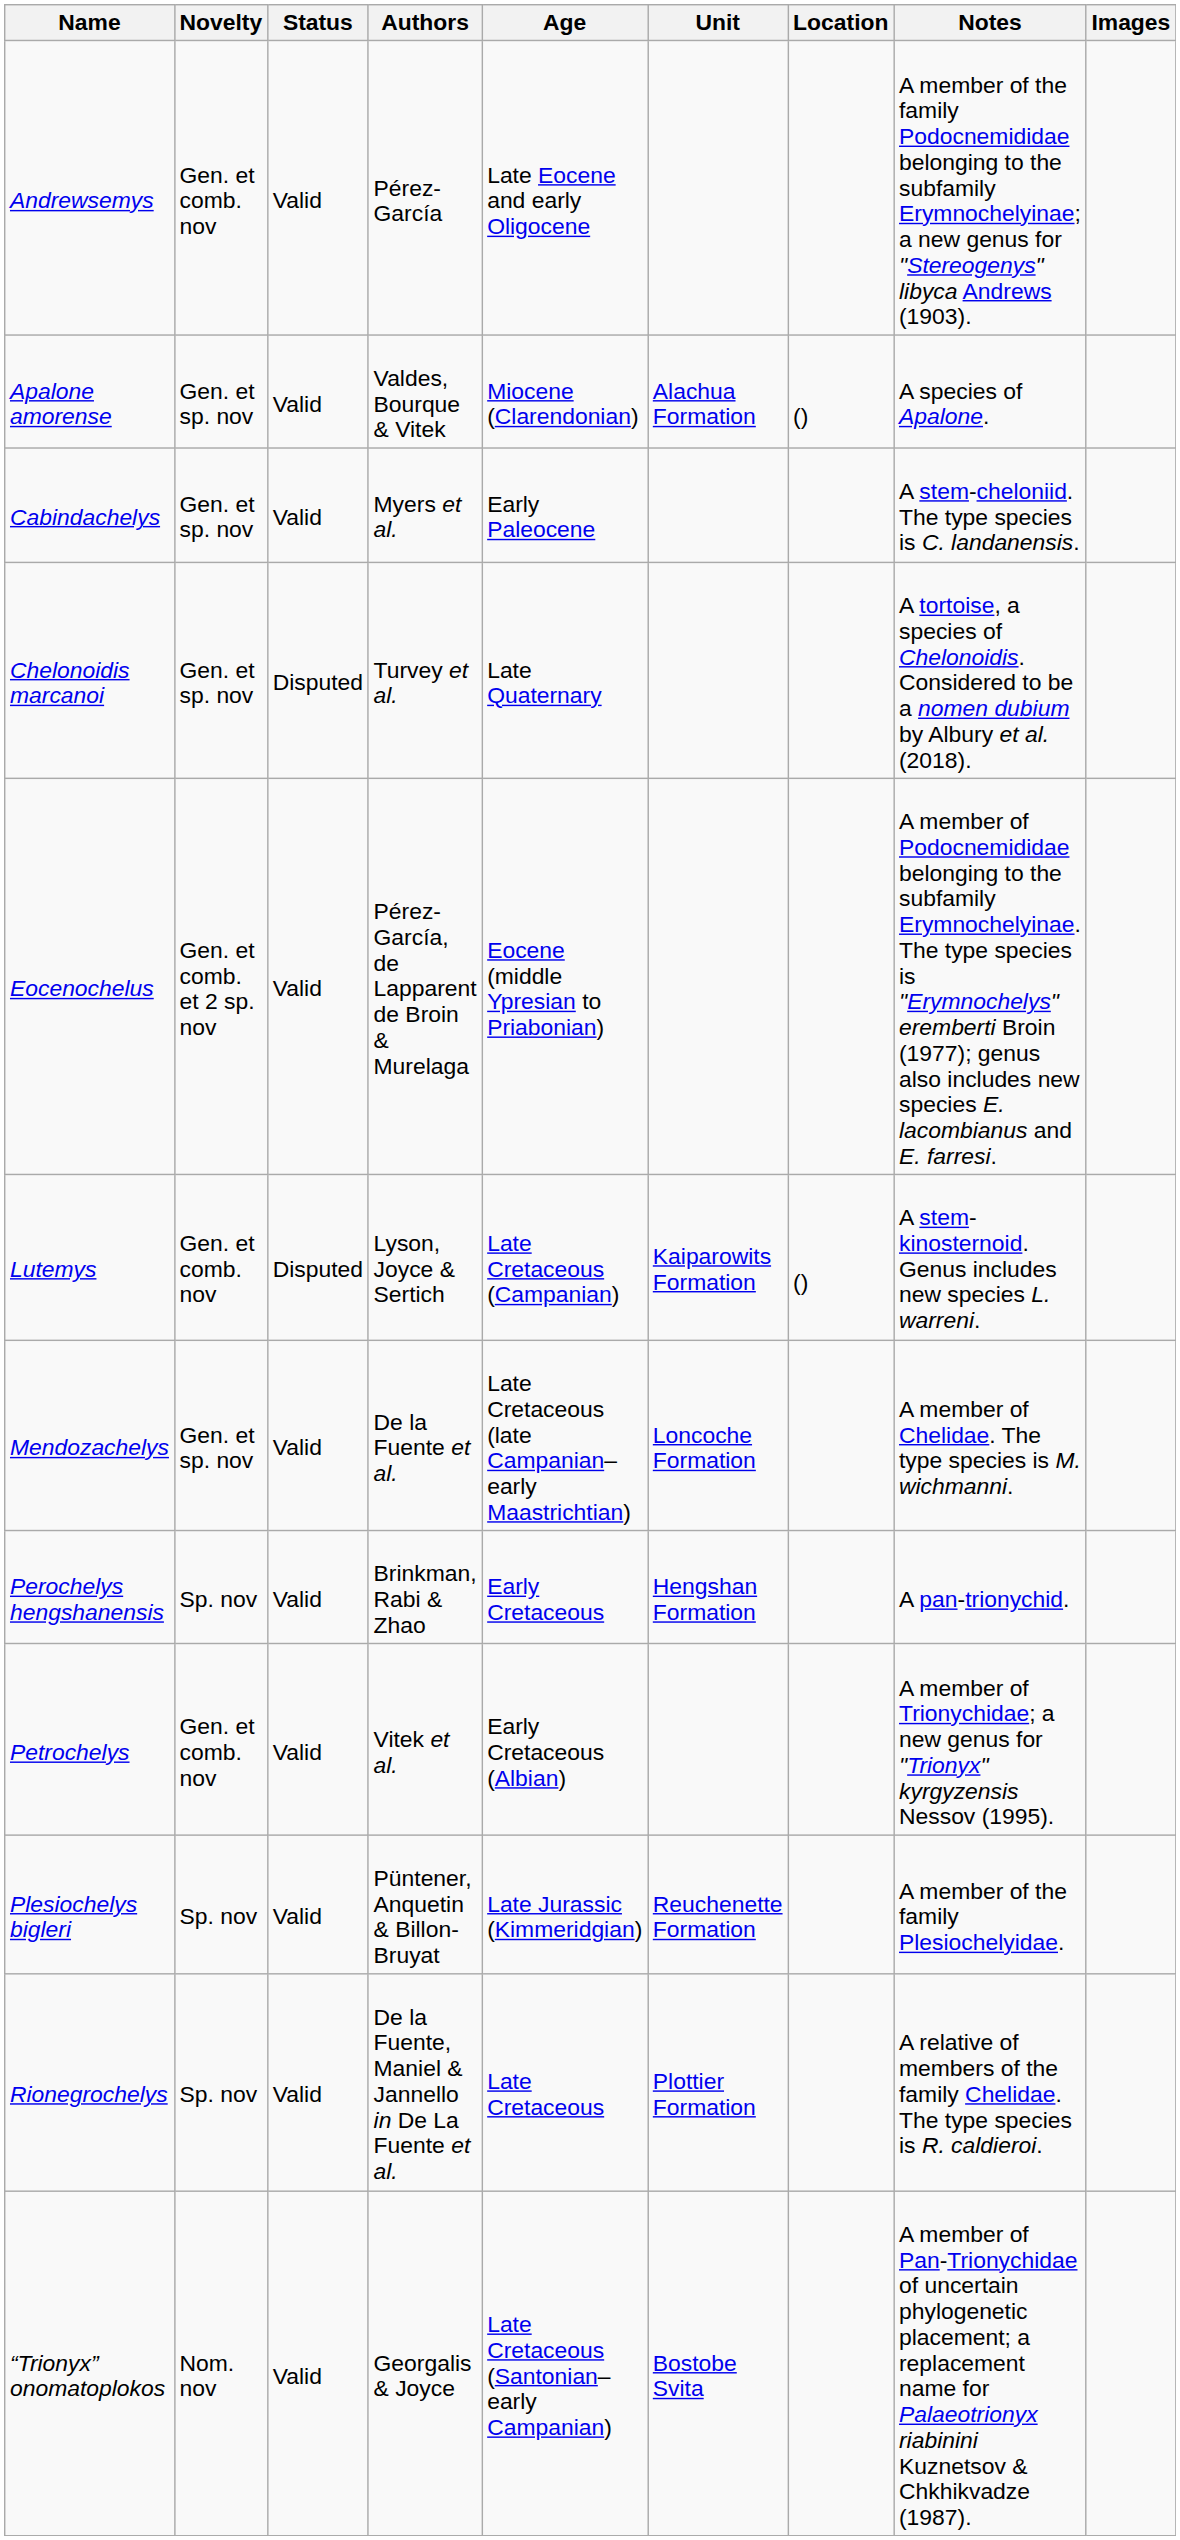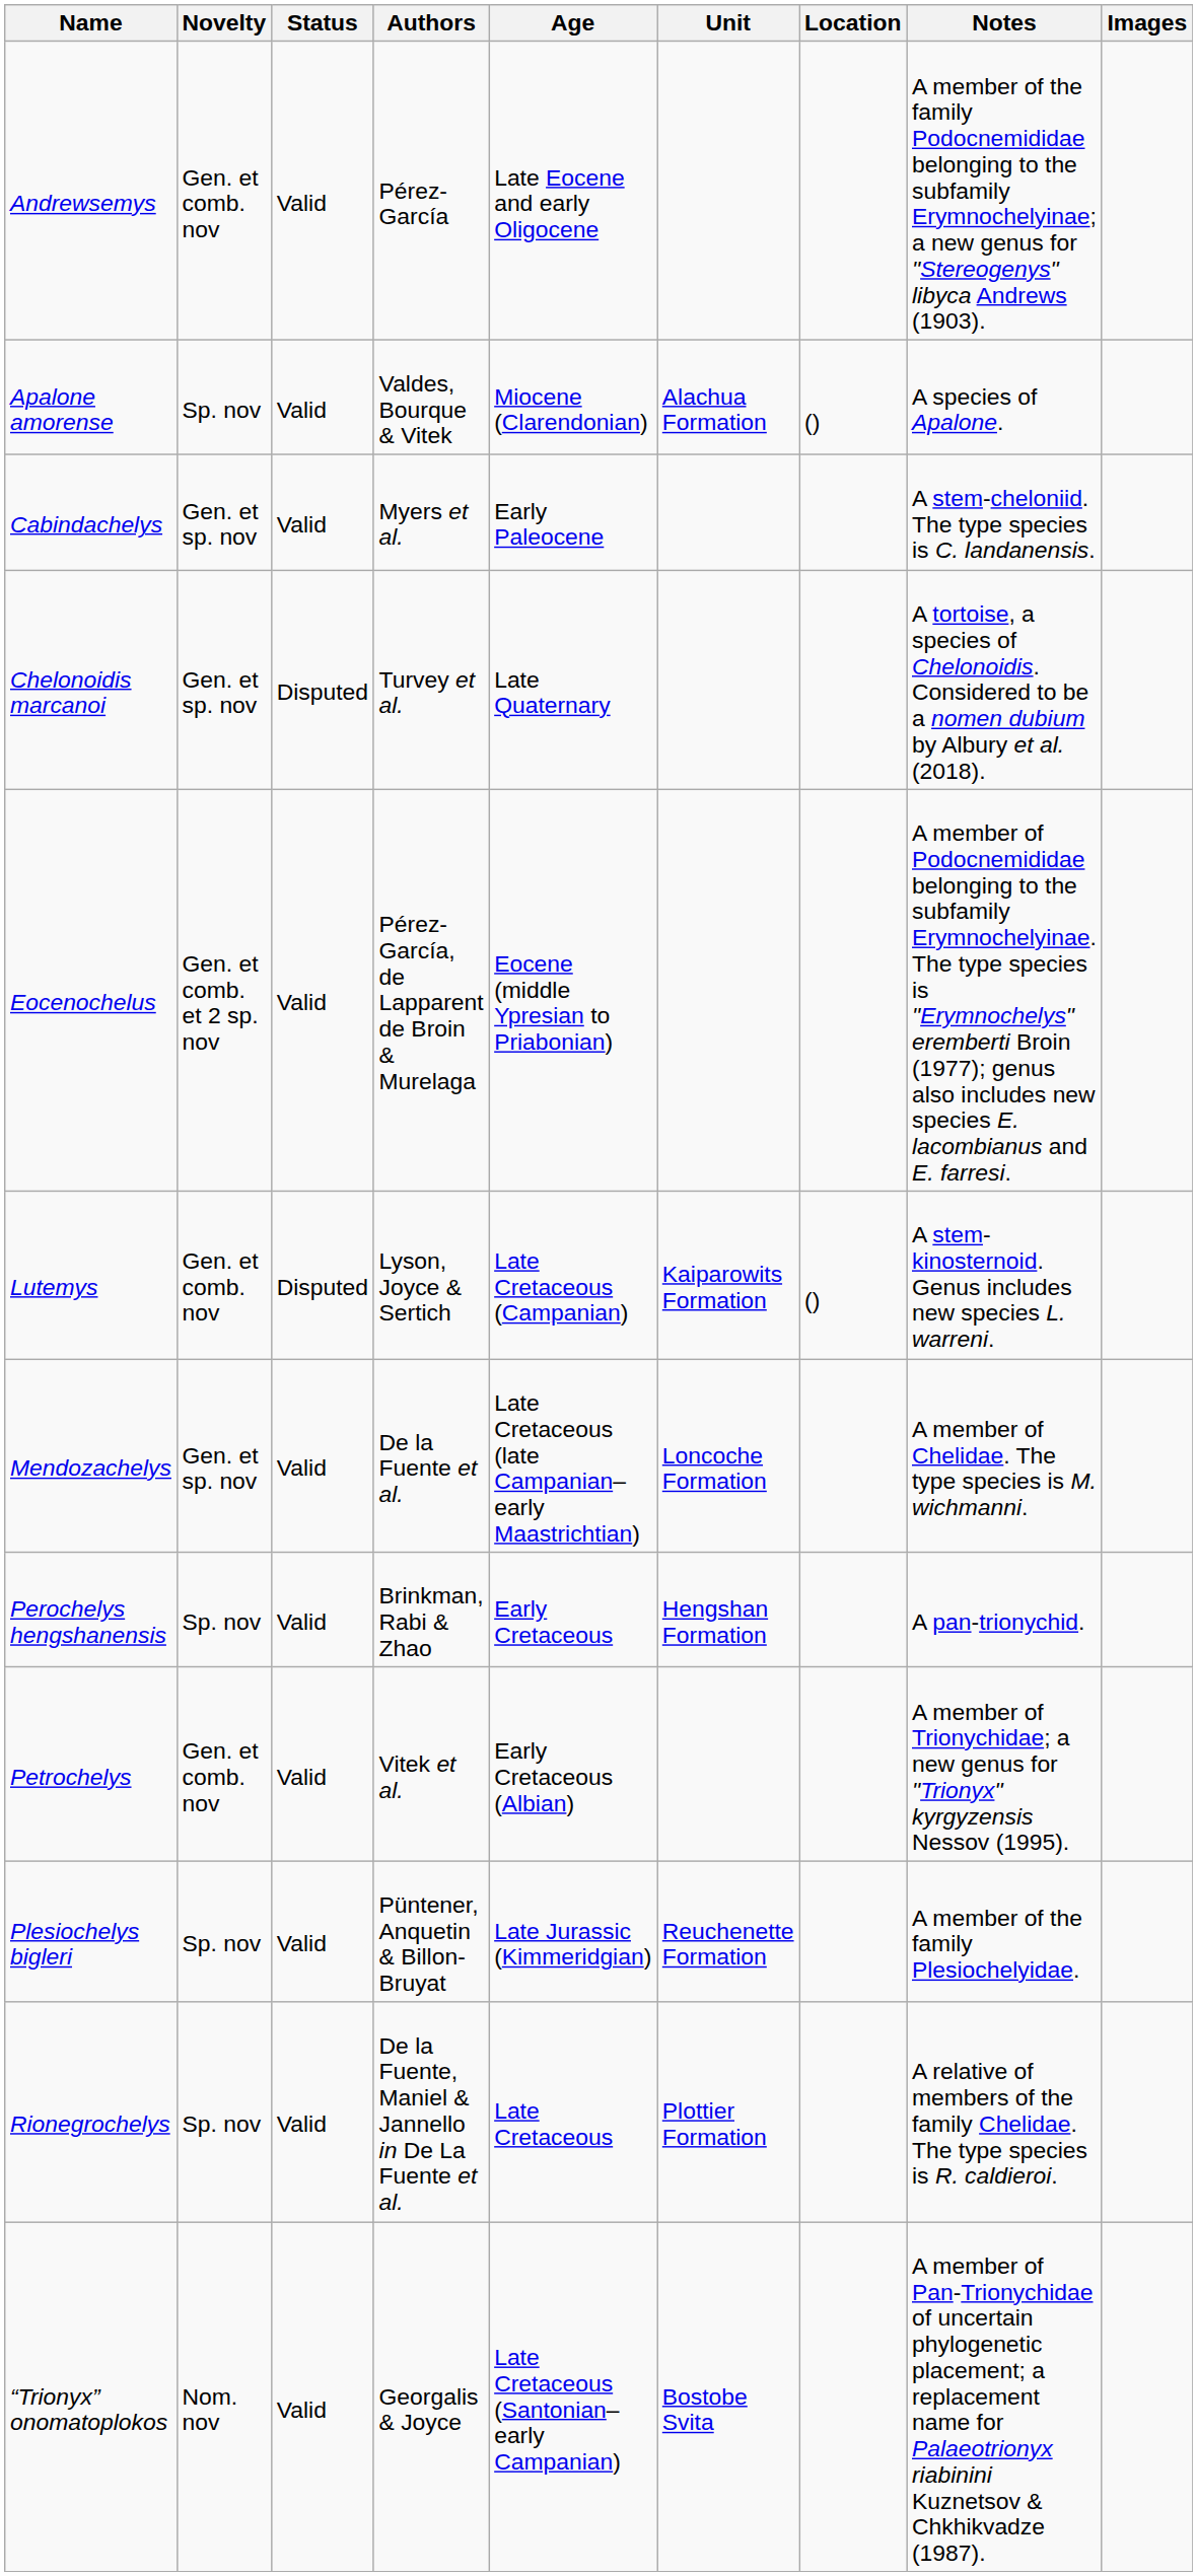 <table class="wikitable sortable" align="center" width="100%">
 <tr>
 <th>Name</th>
 <th>Novelty</th>
 <th>Status</th>
 <th>Authors</th>
 <th>Age</th>
 <th>Unit</th>
 <th>Location</th>
 <th>Notes</th>
 <th>Images</th>
 </tr>
 <tr>
 <td><br><em><a href='#'>Andrewsemys</a></em></td>
 <td><br>Gen. et comb. nov</td>
 <td><br>Valid</td>
 <td><br>Pérez-García</td>
 <td><br>Late <a href='#'>Eocene</a> and early <a href='#'>Oligocene</a></td>
 <td></td>
 <td><br></td>
 <td><br>A member of the family <a href='#'>Podocnemididae</a> belonging to the subfamily <a href='#'>Erymnochelyinae</a>; a new genus for <em>"<a href='#'>Stereogenys</a>" libyca</em> <a href='#'>Andrews</a> (1903).</td>
 <td></td>
 </tr>
 <tr>
 <td><br><em><a href='#'>Apalone amorense</a></em></td>
-<td><br>Gen. et sp. nov</td>
+<td><br>Sp. nov</td>
 <td><br>Valid</td>
 <td><br>Valdes, Bourque & Vitek</td>
 <td><br><a href='#'>Miocene</a> (<a href='#'>Clarendonian</a>)</td>
 <td><br><a href='#'>Alachua Formation</a></td>
 <td><br><br>()</td>
 <td><br>A species of <em><a href='#'>Apalone</a></em>.</td>
 <td></td>
 </tr>
 <tr>
 <td><br><em><a href='#'>Cabindachelys</a></em></td>
 <td><br>Gen. et sp. nov</td>
 <td><br>Valid</td>
 <td><br>Myers <em>et al.</em></td>
 <td><br>Early <a href='#'>Paleocene</a></td>
 <td></td>
 <td><br></td>
 <td><br>A <a href='#'>stem</a>-<a href='#'>cheloniid</a>. The type species is <em>C. landanensis</em>.</td>
 <td></td>
 </tr>
 <tr>
 <td><br><em><a href='#'>Chelonoidis marcanoi</a></em></td>
 <td><br>Gen. et sp. nov</td>
 <td><br>Disputed</td>
 <td><br>Turvey <em>et al.</em></td>
 <td><br>Late <a href='#'>Quaternary</a></td>
 <td></td>
 <td><br></td>
 <td><br>A <a href='#'>tortoise</a>, a species of <em><a href='#'>Chelonoidis</a></em>. Considered to be a <em><a href='#'>nomen dubium</a></em> by Albury <em>et al.</em> (2018).</td>
 <td></td>
 </tr>
 <tr>
 <td><br><em><a href='#'>Eocenochelus</a></em></td>
 <td><br>Gen. et comb. et 2 sp. nov</td>
 <td><br>Valid</td>
 <td><br>Pérez-García, de Lapparent de Broin & Murelaga</td>
 <td><br><a href='#'>Eocene</a> (middle <a href='#'>Ypresian</a> to <a href='#'>Priabonian</a>)</td>
 <td></td>
 <td><br><br> <br> <br> </td>
 <td><br>A member of <a href='#'>Podocnemididae</a> belonging to the subfamily <a href='#'>Erymnochelyinae</a>. The type species is <em>"<a href='#'>Erymnochelys</a>" eremberti</em> Broin (1977); genus also includes new species <em>E. lacombianus</em> and <em>E. farresi</em>.</td>
 <td></td>
 </tr>
 <tr>
 <td><br><em><a href='#'>Lutemys</a></em></td>
 <td><br>Gen. et comb. nov</td>
 <td><br>Disputed</td>
 <td><br>Lyson, Joyce & Sertich</td>
 <td><br><a href='#'>Late Cretaceous</a> (<a href='#'>Campanian</a>)</td>
 <td><br><a href='#'>Kaiparowits Formation</a></td>
 <td><br><br>()</td>
 <td><br>A <a href='#'>stem</a>-<a href='#'>kinosternoid</a>. Genus includes new species <em>L. warreni</em>.</td>
 <td></td>
 </tr>
 <tr>
 <td><br><em><a href='#'>Mendozachelys</a></em></td>
 <td><br>Gen. et sp. nov</td>
 <td><br>Valid</td>
 <td><br>De la Fuente <em>et al.</em></td>
 <td><br>Late Cretaceous (late <a href='#'>Campanian</a>–early <a href='#'>Maastrichtian</a>)</td>
 <td><br><a href='#'>Loncoche Formation</a></td>
 <td><br></td>
 <td><br>A member of <a href='#'>Chelidae</a>. The type species is <em>M. wichmanni</em>.</td>
 <td></td>
 </tr>
 <tr>
 <td><br><em><a href='#'>Perochelys hengshanensis</a></em></td>
 <td><br>Sp. nov</td>
 <td><br>Valid</td>
 <td><br>Brinkman, Rabi & Zhao</td>
 <td><br><a href='#'>Early Cretaceous</a></td>
 <td><br><a href='#'>Hengshan Formation</a></td>
 <td><br></td>
 <td><br>A <a href='#'>pan</a>-<a href='#'>trionychid</a>.</td>
 <td></td>
 </tr>
 <tr>
 <td><br><em><a href='#'>Petrochelys</a></em></td>
 <td><br>Gen. et comb. nov</td>
 <td><br>Valid</td>
 <td><br>Vitek <em>et al.</em></td>
 <td><br>Early Cretaceous (<a href='#'>Albian</a>)</td>
 <td></td>
 <td><br></td>
 <td><br>A member of <a href='#'>Trionychidae</a>; a new genus for <em>"<a href='#'>Trionyx</a>" kyrgyzensis</em> Nessov (1995).</td>
 <td></td>
 </tr>
 <tr>
 <td><br><em><a href='#'>Plesiochelys bigleri</a></em></td>
 <td><br>Sp. nov</td>
 <td><br>Valid</td>
 <td><br>Püntener, Anquetin & Billon-Bruyat</td>
 <td><br><a href='#'>Late Jurassic</a> (<a href='#'>Kimmeridgian</a>)</td>
 <td><br><a href='#'>Reuchenette Formation</a></td>
 <td><br></td>
 <td><br>A member of the family <a href='#'>Plesiochelyidae</a>.</td>
 <td></td>
 </tr>
 <tr>
 <td><br><em><a href='#'>Rionegrochelys</a></em></td>
 <td><br>Sp. nov</td>
 <td><br>Valid</td>
 <td><br>De la Fuente, Maniel & Jannello <em>in</em> De La Fuente <em>et al.</em></td>
 <td><br><a href='#'>Late Cretaceous</a></td>
 <td><br><a href='#'>Plottier Formation</a></td>
 <td><br></td>
 <td><br>A relative of members of the family <a href='#'>Chelidae</a>. The type species is <em>R. caldieroi</em>.</td>
 <td></td>
 </tr>
 <tr>
 <td><br><em>“Trionyx” onomatoplokos</em></td>
 <td><br>Nom. nov</td>
 <td><br>Valid</td>
 <td><br>Georgalis & Joyce</td>
 <td><br><a href='#'>Late Cretaceous</a> (<a href='#'>Santonian</a>–early <a href='#'>Campanian</a>)</td>
 <td><br><a href='#'>Bostobe Svita</a></td>
 <td><br></td>
 <td><br>A member of <a href='#'>Pan</a>-<a href='#'>Trionychidae</a> of uncertain phylogenetic placement; a replacement name for <em><a href='#'>Palaeotrionyx</a> riabinini</em> Kuznetsov & Chkhikvadze (1987).</td>
 <td></td>
 </tr>
 <tr>
 </tr>
 </table>
